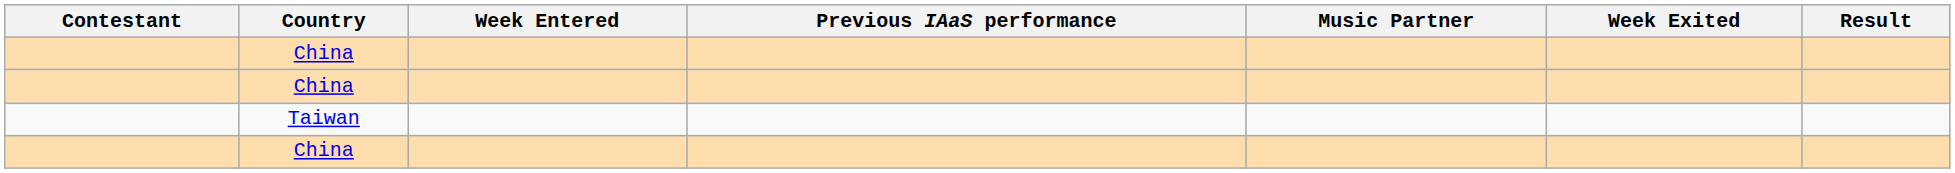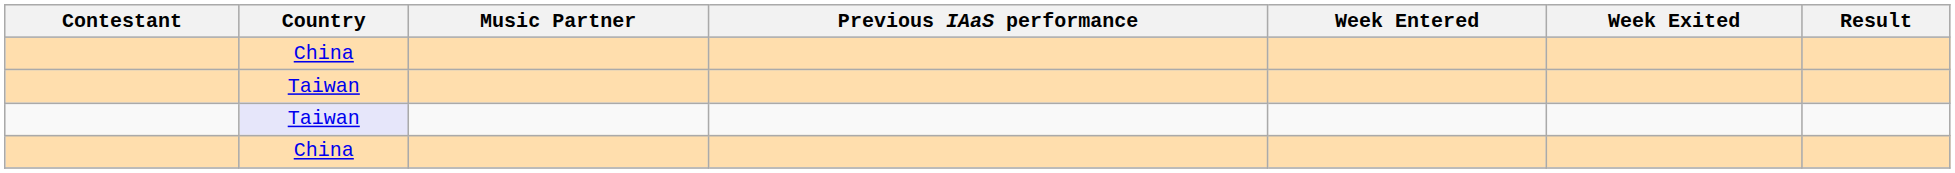 <table class="wikitable sortable" style="width:100%; text-align:center;">
 <tr>
 <th>Contestant</th>
 <th>Country</th>
+<th>Music Partner</th>
+<th>Previous <em>IAaS</em> performance</th>
 <th>Week Entered</th>
-<th>Previous <em>IAaS</em> performance</th>
-<th>Music Partner</th>
 <th>Week Exited</th>
 <th>Result</th>
 </tr>
 <tr bgcolor=NavajoWhite>
 <td></td>
 <td><a href='#'>China</a></td>
 <td></td>
 <td></td>
 <td></td>
 <td></td>
 <td></td>
 </tr>
 <tr bgcolor=NavajoWhite>
 <td></td>
-<td><a href='#'>China</a></td>
+<td><a href='#'>Taiwan</a></td>
 <td></td>
 <td></td>
 <td></td>
 <td></td>
 <td></td>
 </tr>
 <tr>
 <td></td>
-<td><a href='#'>Taiwan</a></td>
+<td style="background: lavender;"><a href='#'>Taiwan</a></td>
 <td></td>
 <td></td>
 <td></td>
 <td></td>
 <td></td>
 </tr>
 <tr bgcolor=NavajoWhite>
 <td></td>
 <td><a href='#'>China</a></td>
 <td></td>
 <td></td>
 <td></td>
 <td></td>
 <td></td>
 </tr>
 </table>
